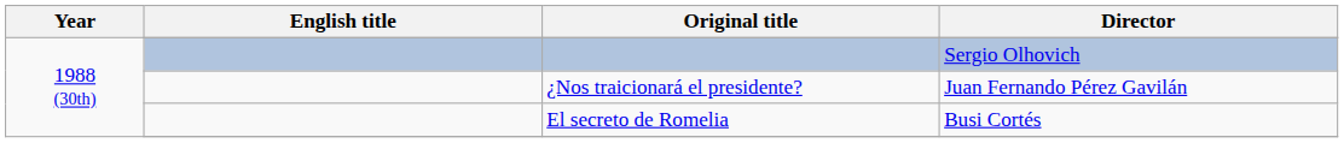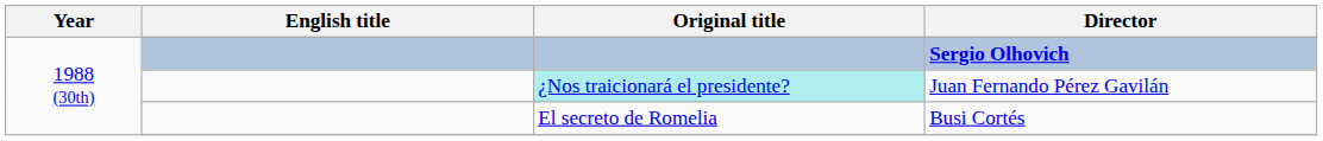 <table class="wikitable">
 <tr>
 <th width="100"><strong>Year</strong></th>
 <th width="300"><strong>English title</strong></th>
 <th width="300"><strong>Original title</strong></th>
 <th width="300"><strong>Director</strong></th>
 </tr>
 <tr>
 <td rowspan="6" style="text-align:center;"><a href='#'>1988</a><br><small><a href='#'>(30th)</a></small></td>
 </tr>
 <tr style="background:#B0C4DE;">
 <td></td>
 <td></td>
-<td><a href='#'>Sergio Olhovich</a></td>
+<td><strong><a href='#'>Sergio Olhovich</a></strong></td>
 </tr>
 <tr>
 <td></td>
-<td><a href='#'>¿Nos traicionará el presidente?</a></td>
+<td style="background: paleturquoise;"><a href='#'>¿Nos traicionará el presidente?</a></td>
 <td><a href='#'>Juan Fernando Pérez Gavilán</a></td>
 </tr>
 <tr>
 <td></td>
 <td><a href='#'>El secreto de Romelia</a></td>
 <td><a href='#'>Busi Cortés</a></td>
 </tr>
 <tr>
 </tr>
 </table>
